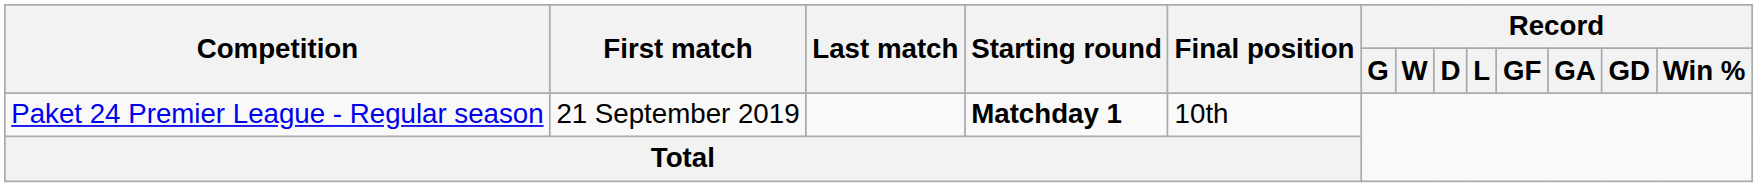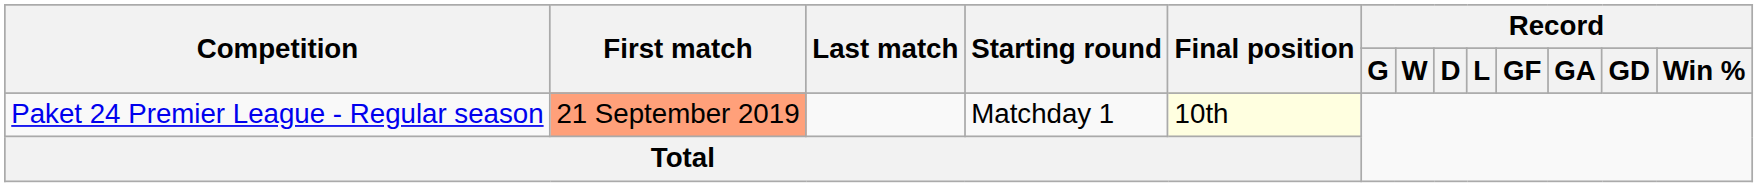 <table class="wikitable" style="text-align: center">
 <tr>
 <th rowspan="2">Competition</th>
 <th rowspan="2">First match</th>
 <th rowspan="2">Last match</th>
 <th rowspan="2">Starting round</th>
 <th rowspan="2">Final position</th>
 <th colspan="8">Record</th>
 </tr>
 <tr>
 <th>G</th>
 <th>W</th>
 <th>D</th>
 <th>L</th>
 <th>GF</th>
 <th>GA</th>
 <th>GD</th>
 <th>Win %</th>
 </tr>
 <tr>
 <td align=left><a href='#'>Paket 24 Premier League - Regular season</a></td>
-<td align=left>21 September 2019</td>
+<td align=left style="background: lightsalmon;">21 September 2019</td>
 <td align=left></td>
-<td align=left><strong>Matchday 1</strong></td>
-<td align=left>10th<br></td>
+<td align=left>Matchday 1</td>
+<td align=left style="background: lightyellow;">10th<br></td>
 </tr>
 <tr>
 <th colspan="5">Total<br></th>
 </tr>
 </table>
